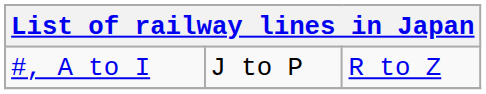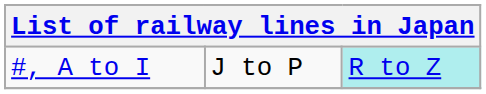 <table class="wikitable">
 <tr>
 <th colspan=3><a href='#'>List of railway lines in Japan</a></th>
 </tr>
 <tr>
 <td><a href='#'>#, A to I</a></td>
 <td>J to P</td>
-<td><a href='#'>R to Z</a></td>
+<td style="background: paleturquoise;"><a href='#'>R to Z</a></td>
 </tr>
 <tr>
 </tr>
 </table>
